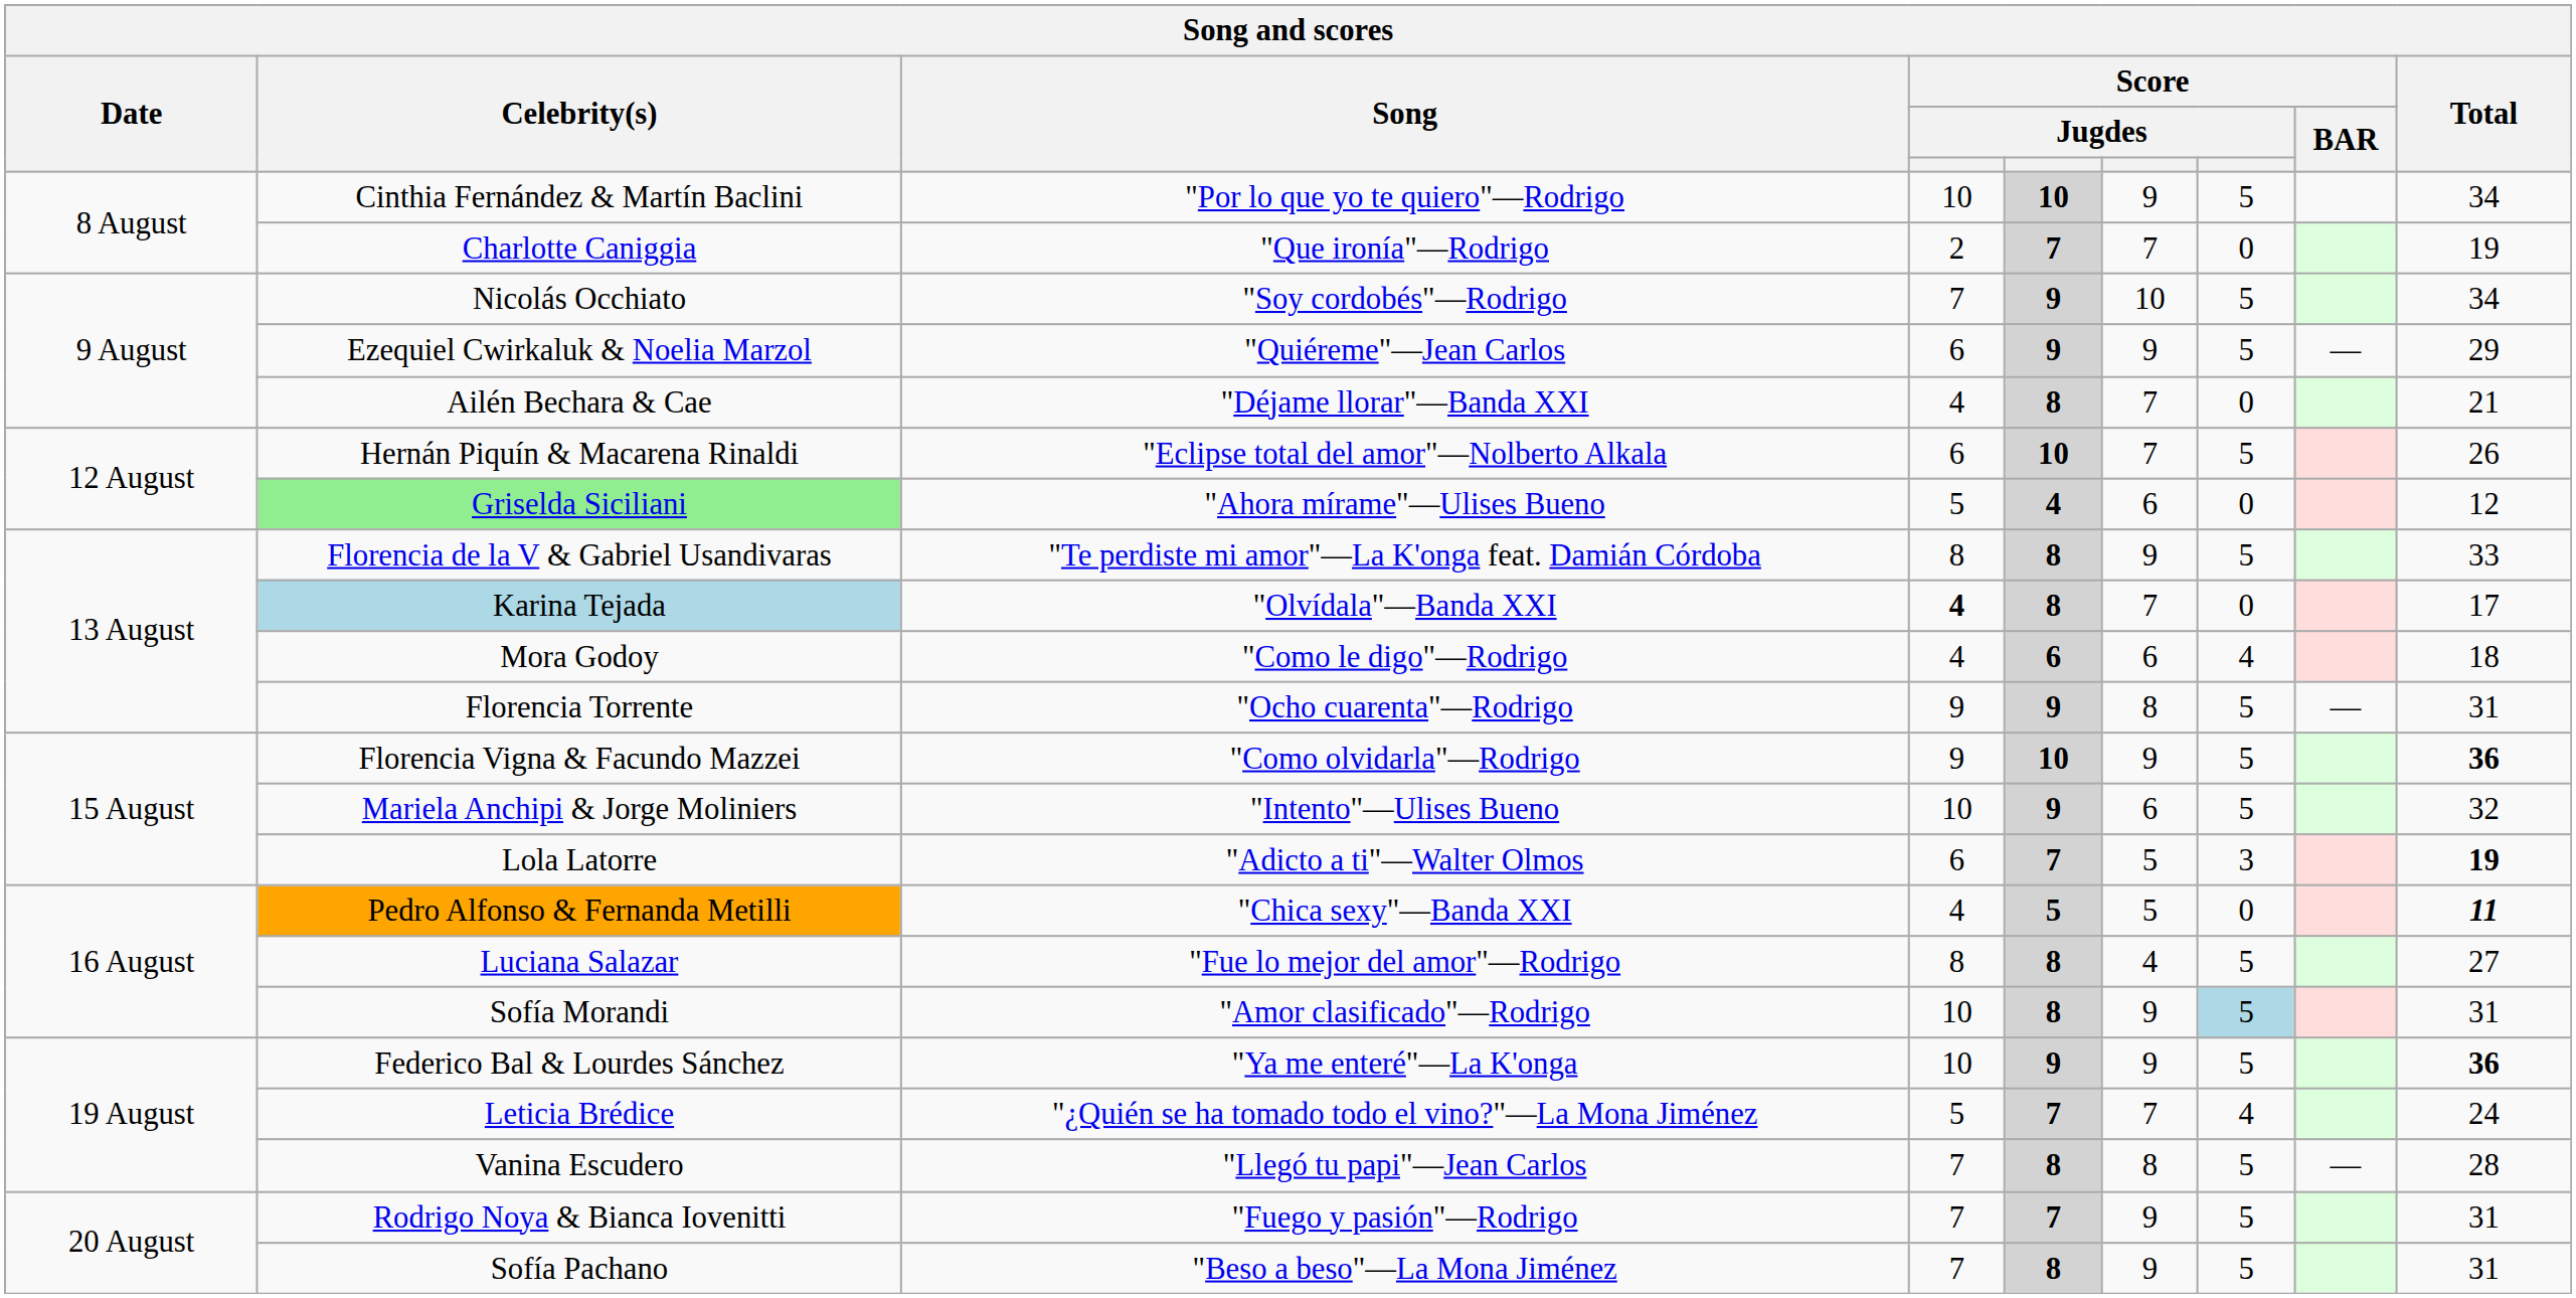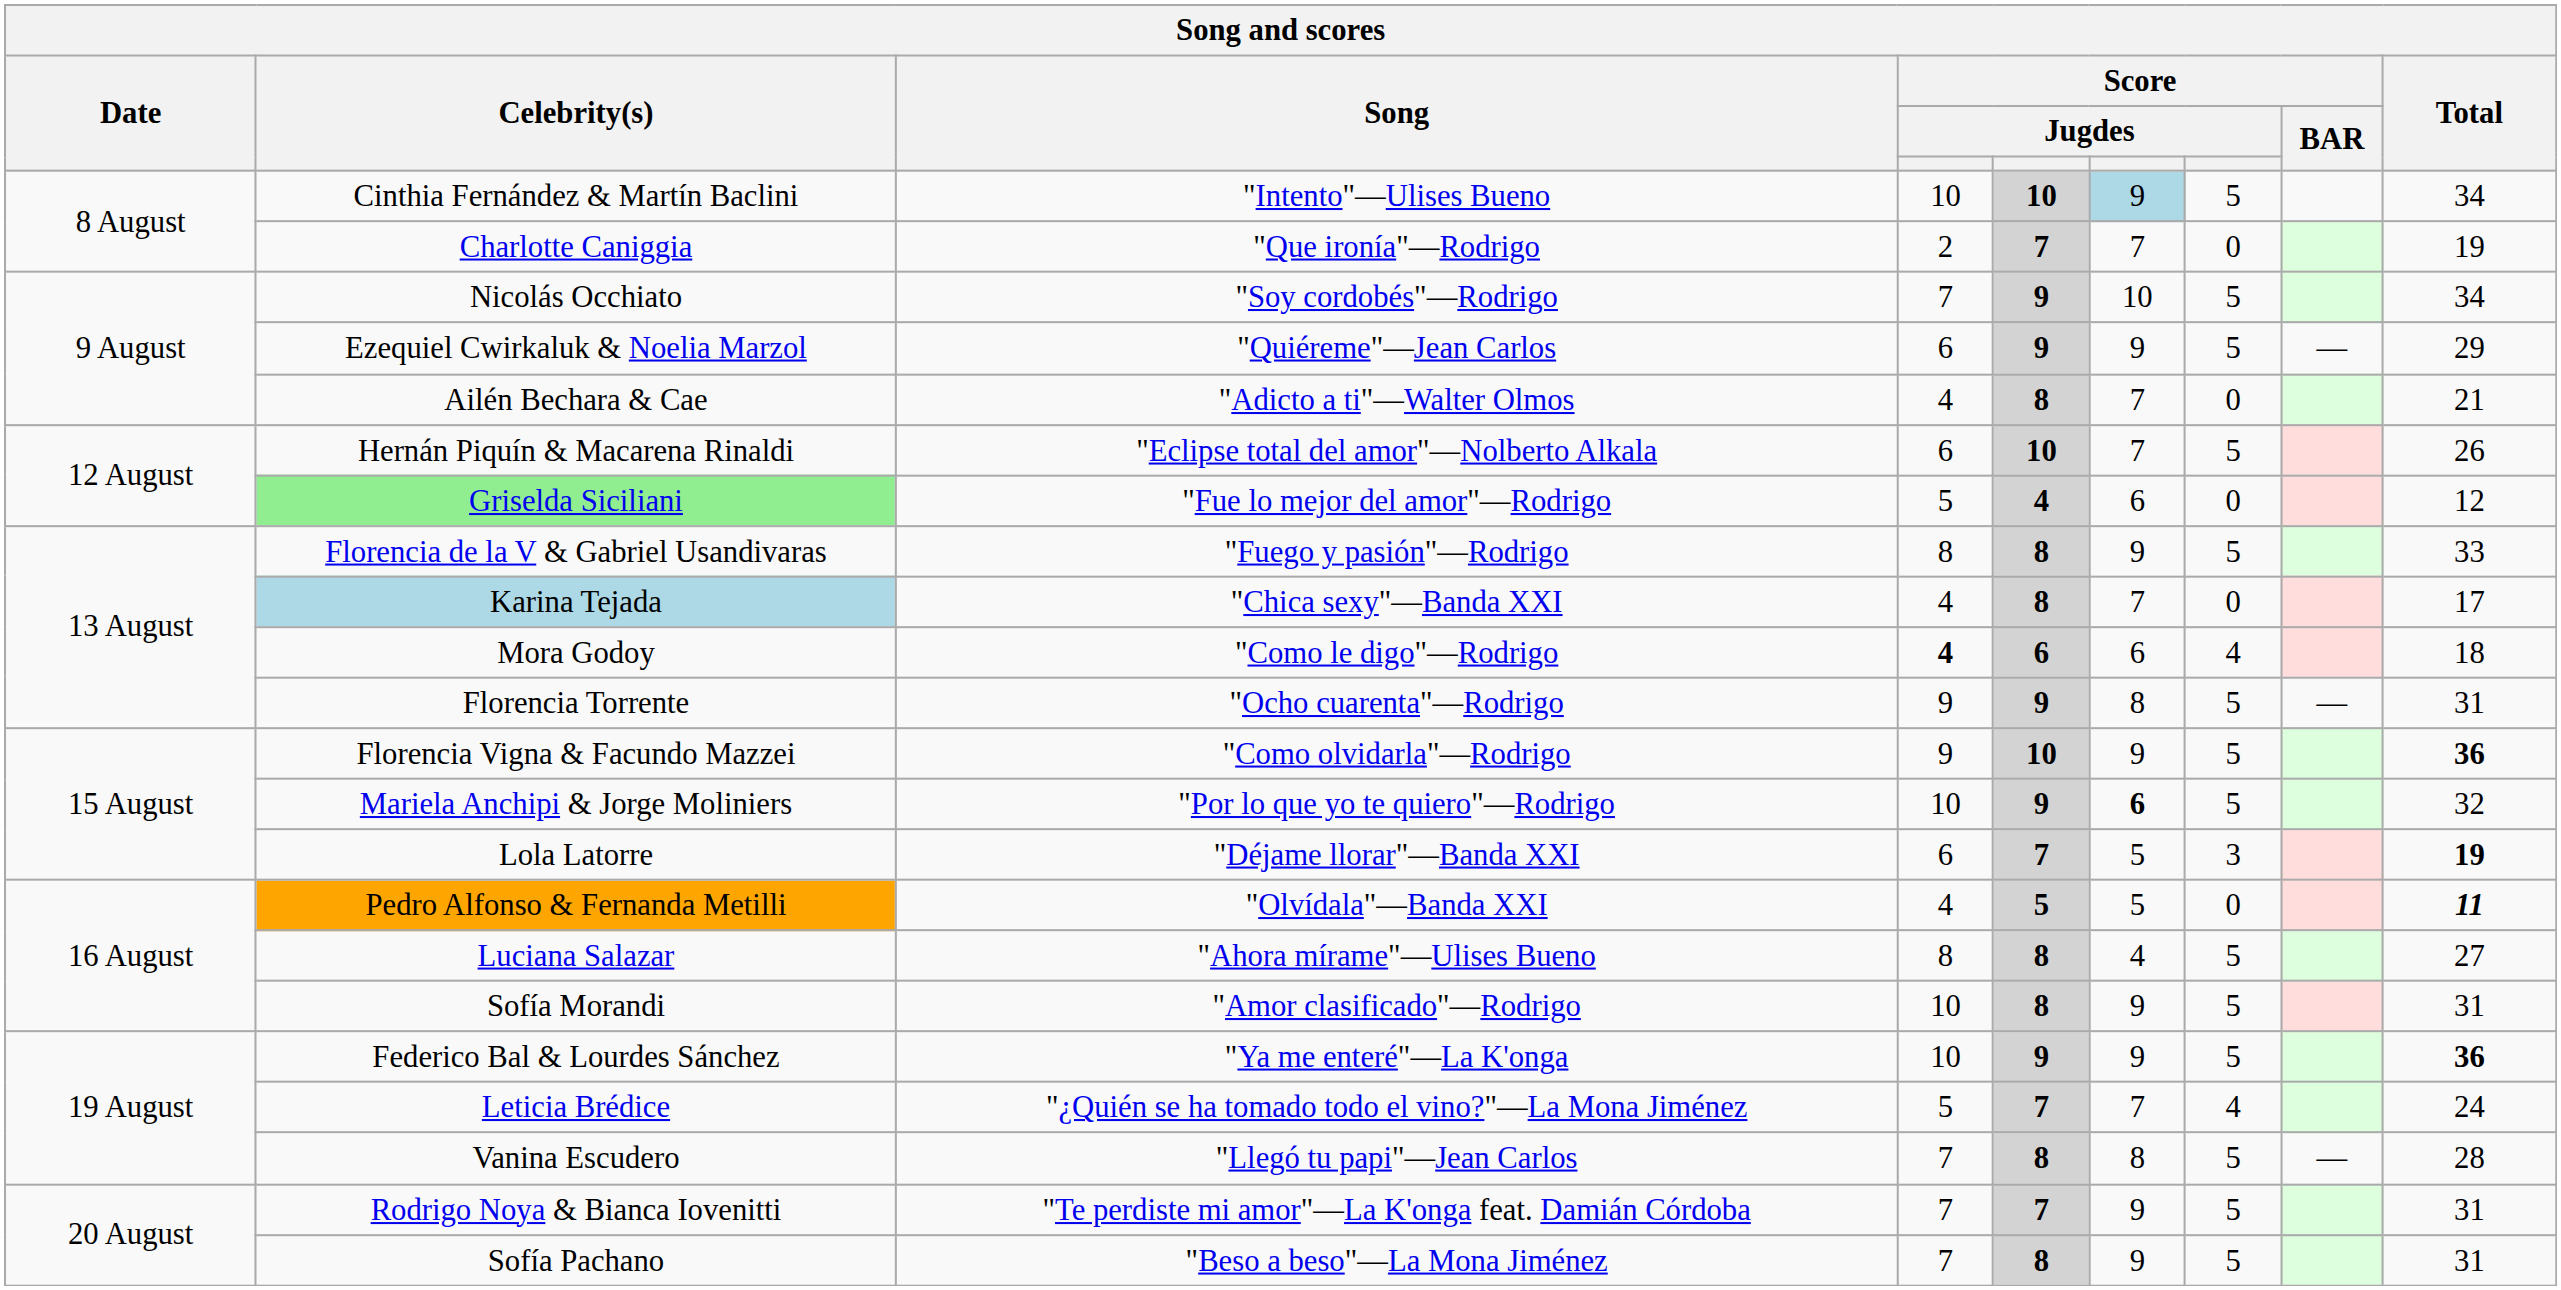 <table class="wikitable collapsible collapsed" style="font-size:95%; text-align: center; width: 100%;">
 <tr>
 <th colspan="11" style="with: 100%;" align=center>Song and scores</th>
 </tr>
 <tr>
 <th rowspan="3" width=90>Date</th>
 <th rowspan="3" width=240>Celebrity(s)</th>
 <th rowspan="3" width=380>Song</th>
 <th colspan="5">Score</th>
 <th rowspan="3" width=60>Total</th>
 </tr>
 <tr>
 <th colspan="4">Jugdes</th>
 <th rowspan="2" width=30>BAR<br></th>
 </tr>
 <tr>
 <th width=30></th>
 <th width=30></th>
 <th width=30></th>
 <th width=30></th>
 </tr>
 <tr>
 <td rowspan="2">8 August</td>
 <td bgcolor="">Cinthia Fernández & Martín Baclini</td>
-<td>"<a href='#'>Por lo que yo te quiero</a>"—<a href='#'>Rodrigo</a></td>
+<td>"<a href='#'>Intento</a>"—<a href='#'>Ulises Bueno</a></td>
 <td>10</td>
 <td bgcolor="lightgrey"><strong>10</strong></td>
-<td>9</td>
+<td style="background: lightblue;">9</td>
 <td>5</td>
 <td></td>
 <td>34</td>
 </tr>
 <tr>
 <td bgcolor=""><a href='#'>Charlotte Caniggia</a></td>
 <td>"<a href='#'>Que ironía</a>"—<a href='#'>Rodrigo</a></td>
 <td>2</td>
 <td bgcolor="lightgrey"><strong>7</strong></td>
 <td>7</td>
 <td>0</td>
 <td bgcolor="#ddffdd"></td>
 <td>19</td>
 </tr>
 <tr>
 <td rowspan="3">9 August</td>
 <td bgcolor="">Nicolás Occhiato</td>
 <td>"<a href='#'>Soy cordobés</a>"—<a href='#'>Rodrigo</a></td>
 <td>7</td>
 <td bgcolor="lightgrey"><strong>9</strong></td>
 <td>10</td>
 <td>5</td>
 <td bgcolor="#ddffdd"></td>
 <td>34</td>
 </tr>
 <tr>
 <td bgcolor="">Ezequiel Cwirkaluk & <a href='#'>Noelia Marzol</a></td>
 <td>"<a href='#'>Quiéreme</a>"—<a href='#'>Jean Carlos</a></td>
 <td>6</td>
 <td bgcolor="lightgrey"><strong>9</strong></td>
 <td>9</td>
 <td>5</td>
 <td>—</td>
 <td>29</td>
 </tr>
 <tr>
 <td bgcolor="">Ailén Bechara & Cae</td>
-<td>"<a href='#'>Déjame llorar</a>"—<a href='#'>Banda XXI</a></td>
+<td>"<a href='#'>Adicto a ti</a>"—<a href='#'>Walter Olmos</a></td>
 <td>4</td>
 <td bgcolor="lightgrey"><strong>8</strong></td>
 <td>7</td>
 <td>0</td>
 <td bgcolor="#ddffdd"></td>
 <td>21</td>
 </tr>
 <tr>
 <td rowspan="2">12 August</td>
 <td bgcolor="">Hernán Piquín & Macarena Rinaldi</td>
 <td>"<a href='#'>Eclipse total del amor</a>"—<a href='#'>Nolberto Alkala</a></td>
 <td>6</td>
 <td bgcolor="lightgrey"><strong>10</strong></td>
 <td>7</td>
 <td>5</td>
 <td bgcolor="#ffdddd"></td>
 <td>26</td>
 </tr>
 <tr>
 <td bgcolor="lightgreen"><a href='#'>Griselda Siciliani</a></td>
-<td>"<a href='#'>Ahora mírame</a>"—<a href='#'>Ulises Bueno</a></td>
+<td>"<a href='#'>Fue lo mejor del amor</a>"—<a href='#'>Rodrigo</a></td>
 <td>5</td>
 <td bgcolor="lightgrey"><strong>4</strong></td>
 <td>6</td>
 <td>0</td>
 <td bgcolor="#ffdddd"></td>
 <td>12</td>
 </tr>
 <tr>
 <td rowspan="4">13 August</td>
 <td bgcolor=""><a href='#'>Florencia de la V</a> & Gabriel Usandivaras</td>
-<td>"<a href='#'>Te perdiste mi amor</a>"—<a href='#'>La K'onga</a> feat. <a href='#'>Damián Córdoba</a></td>
+<td>"<a href='#'>Fuego y pasión</a>"—<a href='#'>Rodrigo</a></td>
 <td>8</td>
 <td bgcolor="lightgrey"><strong>8</strong></td>
 <td>9</td>
 <td>5</td>
 <td bgcolor="#ddffdd"></td>
 <td>33</td>
 </tr>
 <tr>
 <td bgcolor="lightblue">Karina Tejada</td>
-<td>"<a href='#'>Olvídala</a>"—<a href='#'>Banda XXI</a></td>
-<td><strong>4</strong></td>
+<td>"<a href='#'>Chica sexy</a>"—<a href='#'>Banda XXI</a></td>
+<td>4</td>
 <td bgcolor="lightgrey"><strong>8</strong></td>
 <td>7</td>
 <td>0</td>
 <td bgcolor="#ffdddd"></td>
 <td>17</td>
 </tr>
 <tr>
 <td bgcolor="">Mora Godoy</td>
 <td>"<a href='#'>Como le digo</a>"—<a href='#'>Rodrigo</a></td>
-<td>4</td>
+<td><strong>4</strong></td>
 <td bgcolor="lightgrey"><strong>6</strong></td>
 <td>6</td>
 <td>4</td>
 <td bgcolor="#ffdddd"></td>
 <td>18</td>
 </tr>
 <tr>
 <td bgcolor="">Florencia Torrente</td>
 <td>"<a href='#'>Ocho cuarenta</a>"—<a href='#'>Rodrigo</a></td>
 <td>9</td>
 <td bgcolor="lightgrey"><strong>9</strong></td>
 <td>8</td>
 <td>5</td>
 <td>—</td>
 <td>31</td>
 </tr>
 <tr>
 <td rowspan="3">15 August</td>
 <td bgcolor="">Florencia Vigna & Facundo Mazzei</td>
 <td>"<a href='#'>Como olvidarla</a>"—<a href='#'>Rodrigo</a></td>
 <td>9</td>
 <td bgcolor="lightgrey"><strong>10</strong></td>
 <td>9</td>
 <td>5</td>
 <td bgcolor="#ddffdd"></td>
 <td><span><strong>36</strong></span></td>
 </tr>
 <tr>
 <td bgcolor=""><a href='#'>Mariela Anchipi</a> & Jorge Moliniers</td>
-<td>"<a href='#'>Intento</a>"—<a href='#'>Ulises Bueno</a></td>
+<td>"<a href='#'>Por lo que yo te quiero</a>"—<a href='#'>Rodrigo</a></td>
 <td>10</td>
 <td bgcolor="lightgrey"><strong>9</strong></td>
-<td>6</td>
+<td><strong>6</strong></td>
 <td>5</td>
 <td bgcolor="#ddffdd"></td>
 <td>32</td>
 </tr>
 <tr>
 <td bgcolor="">Lola Latorre</td>
-<td>"<a href='#'>Adicto a ti</a>"—<a href='#'>Walter Olmos</a></td>
+<td>"<a href='#'>Déjame llorar</a>"—<a href='#'>Banda XXI</a></td>
 <td>6</td>
 <td bgcolor="lightgrey"><strong>7</strong></td>
 <td>5</td>
 <td>3</td>
 <td bgcolor="#ffdddd"></td>
 <td><strong>19</strong></td>
 </tr>
 <tr>
 <td rowspan="3">16 August</td>
 <td bgcolor="orange">Pedro Alfonso & Fernanda Metilli</td>
-<td>"<a href='#'>Chica sexy</a>"—<a href='#'>Banda XXI</a></td>
+<td>"<a href='#'>Olvídala</a>"—<a href='#'>Banda XXI</a></td>
 <td>4</td>
 <td bgcolor="lightgrey"><strong>5</strong></td>
 <td>5</td>
 <td>0</td>
 <td bgcolor="#ffdddd"></td>
 <td><span><strong><em>11</em></strong></span></td>
 </tr>
 <tr>
 <td bgcolor=""><a href='#'>Luciana Salazar</a></td>
-<td>"<a href='#'>Fue lo mejor del amor</a>"—<a href='#'>Rodrigo</a></td>
+<td>"<a href='#'>Ahora mírame</a>"—<a href='#'>Ulises Bueno</a></td>
 <td>8</td>
 <td bgcolor="lightgrey"><strong>8</strong></td>
 <td>4</td>
 <td>5</td>
 <td bgcolor="#ddffdd"></td>
 <td>27</td>
 </tr>
 <tr>
 <td bgcolor="">Sofía Morandi</td>
 <td>"<a href='#'>Amor clasificado</a>"—<a href='#'>Rodrigo</a></td>
 <td>10</td>
 <td bgcolor="lightgrey"><strong>8</strong></td>
 <td>9</td>
-<td style="background: lightblue;">5</td>
+<td>5</td>
 <td bgcolor="#ffdddd"></td>
 <td>31</td>
 </tr>
 <tr>
 <td rowspan="3">19 August</td>
 <td bgcolor="">Federico Bal & Lourdes Sánchez</td>
 <td>"<a href='#'>Ya me enteré</a>"—<a href='#'>La K'onga</a></td>
 <td>10</td>
 <td bgcolor="lightgrey"><strong>9</strong></td>
 <td>9</td>
 <td>5</td>
 <td bgcolor="#ddffdd"></td>
 <td><span><strong>36</strong></span></td>
 </tr>
 <tr>
 <td bgcolor=""><a href='#'>Leticia Brédice</a></td>
 <td>"<a href='#'>¿Quién se ha tomado todo el vino?</a>"—<a href='#'>La Mona Jiménez</a></td>
 <td>5</td>
 <td bgcolor="lightgrey"><strong>7</strong></td>
 <td>7</td>
 <td>4</td>
 <td bgcolor="#ddffdd"></td>
 <td>24</td>
 </tr>
 <tr>
 <td bgcolor="">Vanina Escudero</td>
 <td>"<a href='#'>Llegó tu papi</a>"—<a href='#'>Jean Carlos</a></td>
 <td>7</td>
 <td bgcolor="lightgrey"><strong>8</strong></td>
 <td>8</td>
 <td>5</td>
 <td>—</td>
 <td>28</td>
 </tr>
 <tr>
 <td rowspan="2">20 August</td>
 <td bgcolor=""><a href='#'>Rodrigo Noya</a> & Bianca Iovenitti</td>
-<td>"<a href='#'>Fuego y pasión</a>"—<a href='#'>Rodrigo</a></td>
+<td>"<a href='#'>Te perdiste mi amor</a>"—<a href='#'>La K'onga</a> feat. <a href='#'>Damián Córdoba</a></td>
 <td>7</td>
 <td bgcolor="lightgrey"><strong>7</strong></td>
 <td>9</td>
 <td>5</td>
 <td bgcolor="#ddffdd"></td>
 <td>31</td>
 </tr>
 <tr>
 <td bgcolor="">Sofía Pachano</td>
 <td>"<a href='#'>Beso a beso</a>"—<a href='#'>La Mona Jiménez</a></td>
 <td>7</td>
 <td bgcolor="lightgrey"><strong>8</strong></td>
 <td>9</td>
 <td>5</td>
 <td bgcolor="#ddffdd"></td>
 <td>31</td>
 </tr>
 </table>
